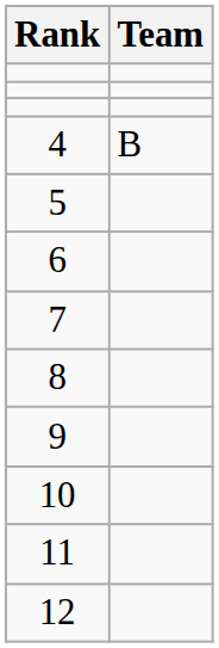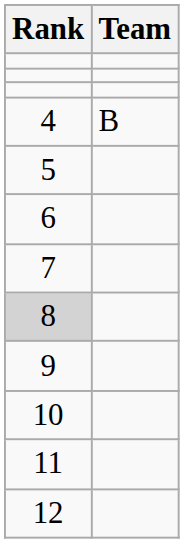 <table class="wikitable">
 <tr>
 <th>Rank</th>
 <th>Team</th>
 </tr>
 <tr>
 <td align=center></td>
 <td></td>
 </tr>
 <tr>
 <td align=center></td>
 <td></td>
 </tr>
 <tr>
 <td align=center></td>
 <td></td>
 </tr>
 <tr>
 <td align=center>4</td>
 <td> B</td>
 </tr>
 <tr>
 <td align=center>5</td>
 <td></td>
 </tr>
 <tr>
 <td align=center>6</td>
 <td></td>
 </tr>
 <tr>
 <td align=center>7</td>
 <td></td>
 </tr>
 <tr>
-<td align=center>8</td>
+<td align=center style="background: lightgrey;">8</td>
 <td></td>
 </tr>
 <tr>
 <td align=center>9</td>
 <td></td>
 </tr>
 <tr>
 <td align=center>10</td>
 <td></td>
 </tr>
 <tr>
 <td align=center>11</td>
 <td></td>
 </tr>
 <tr>
 <td align=center>12</td>
 <td></td>
 </tr>
 </table>
